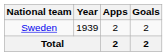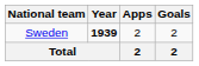 <table class=wikitable style=text-align:center>
 <tr>
 <th>National team</th>
 <th>Year</th>
 <th>Apps</th>
 <th>Goals</th>
 </tr>
 <tr>
 <td rowspan="1"><a href='#'>Sweden</a></td>
-<td>1939</td>
+<td><strong>1939</strong></td>
 <td>2</td>
 <td>2</td>
 </tr>
 <tr>
 <th colspan="2">Total</th>
 <th>2</th>
 <th>2</th>
 </tr>
 </table>
